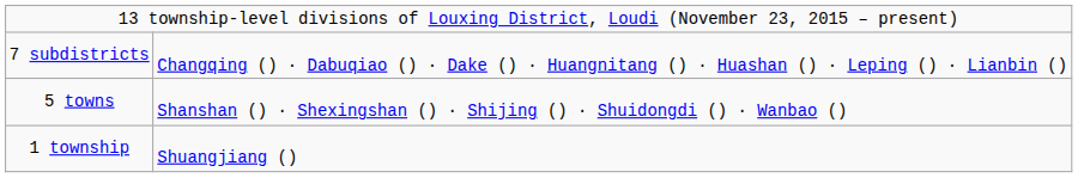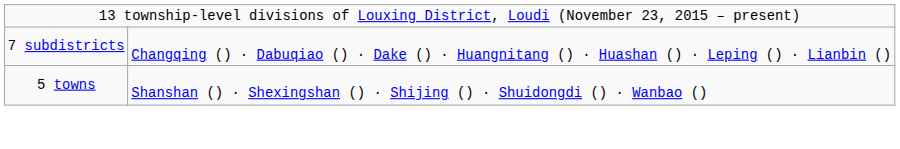 <table class="wikitable">
 <tr>
 <td style="text-align:center;" colspan="2">13 township-level divisions of <a href='#'>Louxing District</a>, <a href='#'>Loudi</a> (November 23, 2015 – present)</td>
 </tr>
 <tr align=left>
 <td align=center>7 <a href='#'>subdistricts</a></td>
 <td><br><a href='#'>Changqing</a> () · <a href='#'>Dabuqiao</a> () · <a href='#'>Dake</a> () · <a href='#'>Huangnitang</a> () · <a href='#'>Huashan</a> () · <a href='#'>Leping</a> () · <a href='#'>Lianbin</a> ()</td>
 </tr>
 <tr align=left>
 <td align=center>5 <a href='#'>towns</a></td>
 <td><br><a href='#'>Shanshan</a> () · <a href='#'>Shexingshan</a> () · <a href='#'>Shijing</a> () · <a href='#'>Shuidongdi</a> () · <a href='#'>Wanbao</a> ()</td>
 </tr>
-<tr align=left>
-<td align=center>1 <a href='#'>township</a></td>
-<td><br><a href='#'>Shuangjiang</a> ()</td>
-</tr>
 </table>
